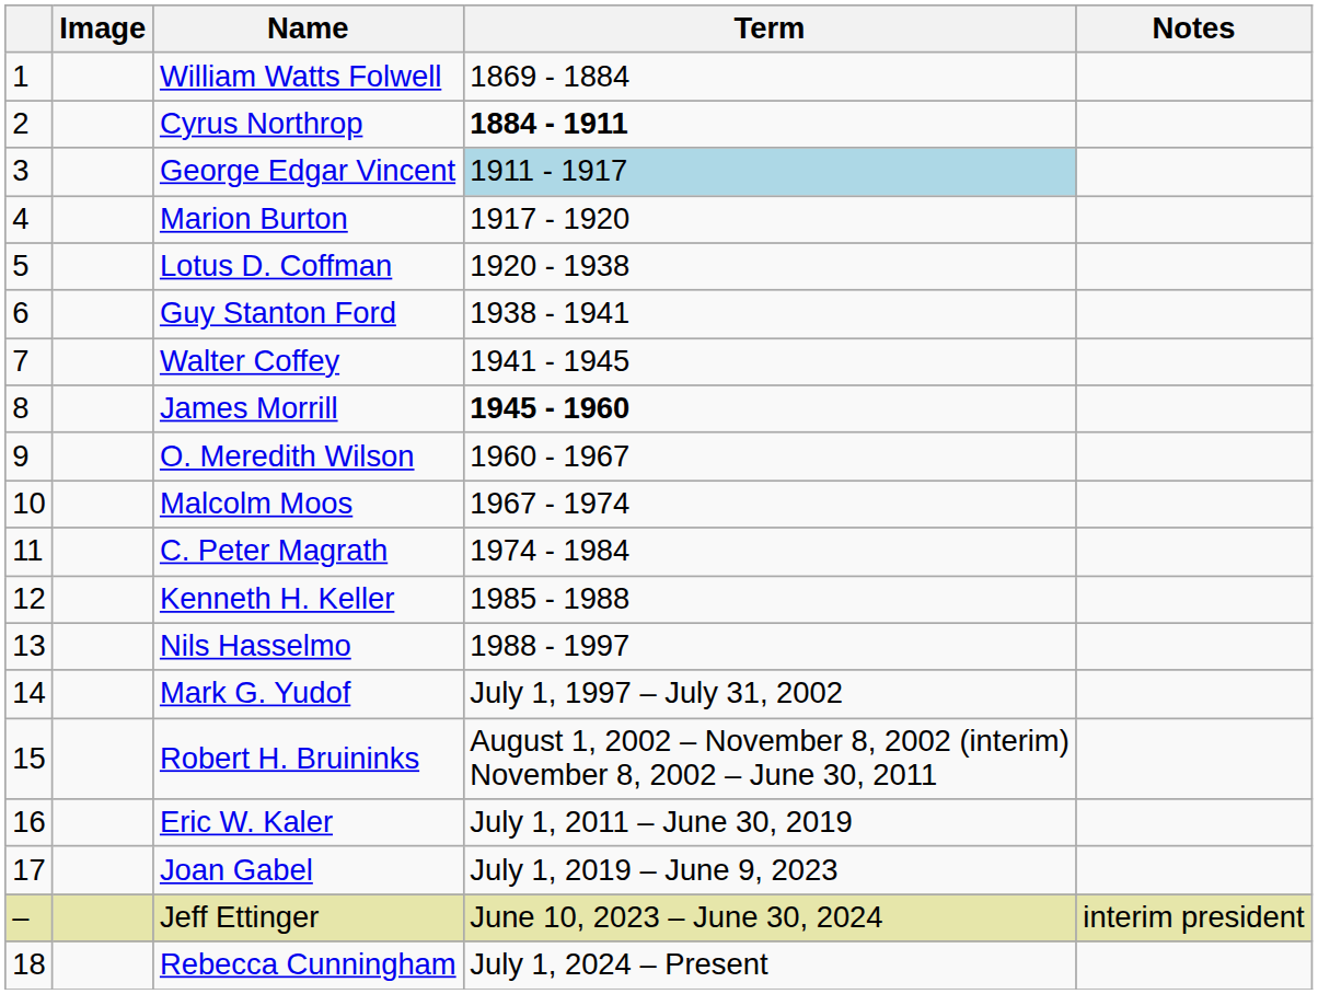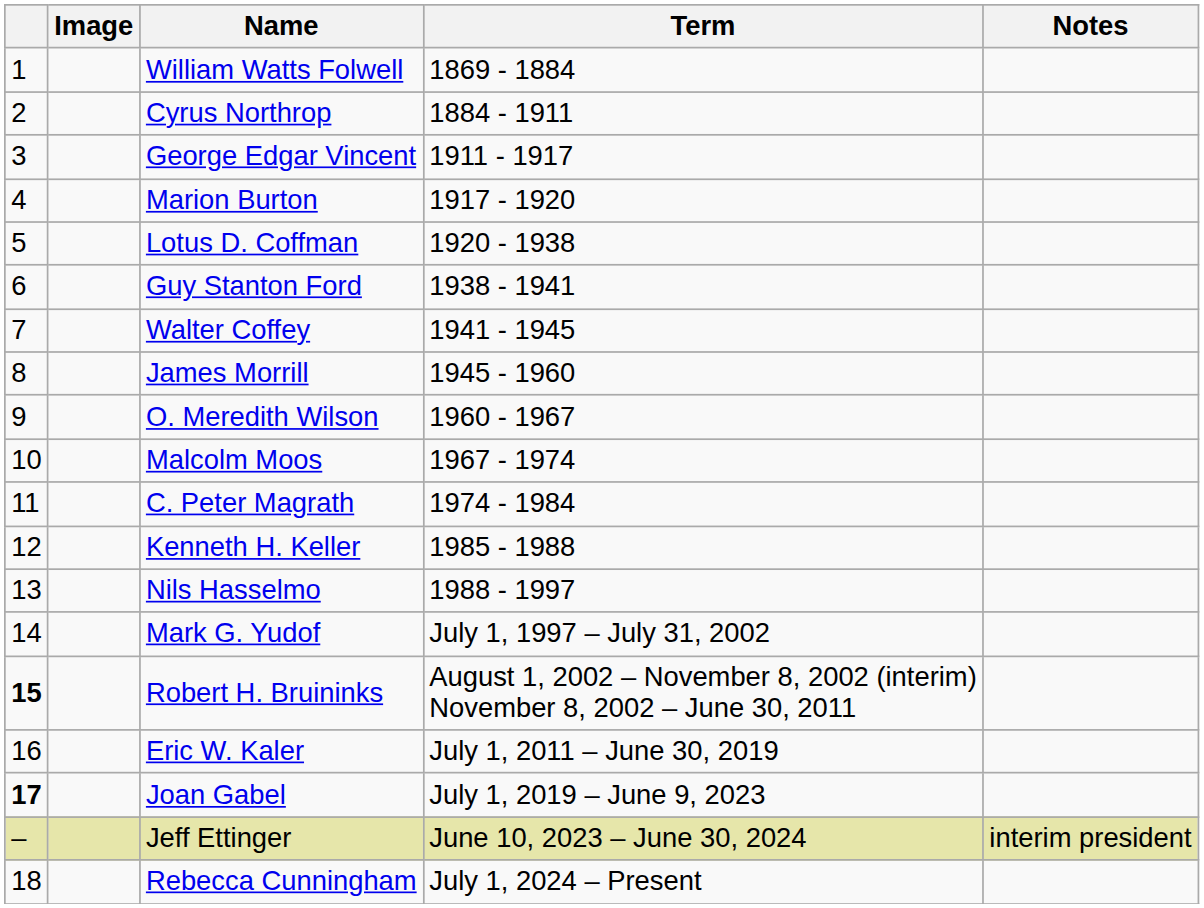 <table class="wikitable sortable">
 <tr>
 <th></th>
 <th>Image</th>
 <th>Name</th>
 <th>Term</th>
 <th>Notes</th>
 </tr>
 <tr>
 <td>1</td>
 <td></td>
 <td><a href='#'>William Watts Folwell</a></td>
 <td>1869 - 1884</td>
 <td></td>
 </tr>
 <tr>
 <td>2</td>
 <td></td>
 <td><a href='#'>Cyrus Northrop</a></td>
-<td><strong>1884 - 1911</strong></td>
+<td>1884 - 1911</td>
 <td></td>
 </tr>
 <tr>
 <td>3</td>
 <td></td>
 <td><a href='#'>George Edgar Vincent</a></td>
-<td style="background: lightblue;">1911 - 1917</td>
+<td>1911 - 1917</td>
 <td></td>
 </tr>
 <tr>
 <td>4</td>
 <td></td>
 <td><a href='#'>Marion Burton</a></td>
 <td>1917 - 1920</td>
 <td></td>
 </tr>
 <tr>
 <td>5</td>
 <td></td>
 <td><a href='#'>Lotus D. Coffman</a></td>
 <td>1920 - 1938</td>
 <td></td>
 </tr>
 <tr>
 <td>6</td>
 <td></td>
 <td><a href='#'>Guy Stanton Ford</a></td>
 <td>1938 - 1941</td>
 <td></td>
 </tr>
 <tr>
 <td>7</td>
 <td></td>
 <td><a href='#'>Walter Coffey</a></td>
 <td>1941 - 1945</td>
 <td></td>
 </tr>
 <tr>
 <td>8</td>
 <td></td>
 <td><a href='#'>James Morrill</a></td>
-<td><strong>1945 - 1960</strong></td>
+<td>1945 - 1960</td>
 <td></td>
 </tr>
 <tr>
 <td>9</td>
 <td></td>
 <td><a href='#'>O. Meredith Wilson</a></td>
 <td>1960 - 1967</td>
 <td></td>
 </tr>
 <tr>
 <td>10</td>
 <td></td>
 <td><a href='#'>Malcolm Moos</a></td>
 <td>1967 - 1974</td>
 <td></td>
 </tr>
 <tr>
 <td>11</td>
 <td></td>
 <td><a href='#'>C. Peter Magrath</a></td>
 <td>1974 - 1984</td>
 <td></td>
 </tr>
 <tr>
 <td>12</td>
 <td></td>
 <td><a href='#'>Kenneth H. Keller</a></td>
 <td>1985 - 1988</td>
 <td></td>
 </tr>
 <tr>
 <td>13</td>
 <td></td>
 <td><a href='#'>Nils Hasselmo</a></td>
 <td>1988 - 1997</td>
 <td></td>
 </tr>
 <tr>
 <td>14</td>
 <td></td>
 <td><a href='#'>Mark G. Yudof</a></td>
 <td>July 1, 1997 – July 31, 2002</td>
 <td></td>
 </tr>
 <tr>
-<td>15</td>
+<td><strong>15</strong></td>
 <td></td>
 <td><a href='#'>Robert H. Bruininks</a></td>
 <td>August 1, 2002 – November 8, 2002 (interim)<br>November 8, 2002 – June 30, 2011</td>
 <td></td>
 </tr>
 <tr>
 <td>16</td>
 <td></td>
 <td><a href='#'>Eric W. Kaler</a></td>
 <td>July 1, 2011 – June 30, 2019</td>
 <td></td>
 </tr>
 <tr>
-<td>17</td>
+<td><strong>17</strong></td>
 <td></td>
 <td><a href='#'>Joan Gabel</a></td>
 <td>July 1, 2019 – June 9, 2023</td>
 <td></td>
 </tr>
 <tr bgcolor="#e6e6aa">
 <td>–</td>
 <td></td>
 <td>Jeff Ettinger</td>
 <td>June 10, 2023 – June 30, 2024</td>
 <td>interim president</td>
 </tr>
 <tr>
 <td>18</td>
 <td></td>
 <td><a href='#'>Rebecca Cunningham</a></td>
 <td>July 1, 2024 – Present</td>
 <td></td>
 </tr>
 <tr>
 </tr>
 </table>
